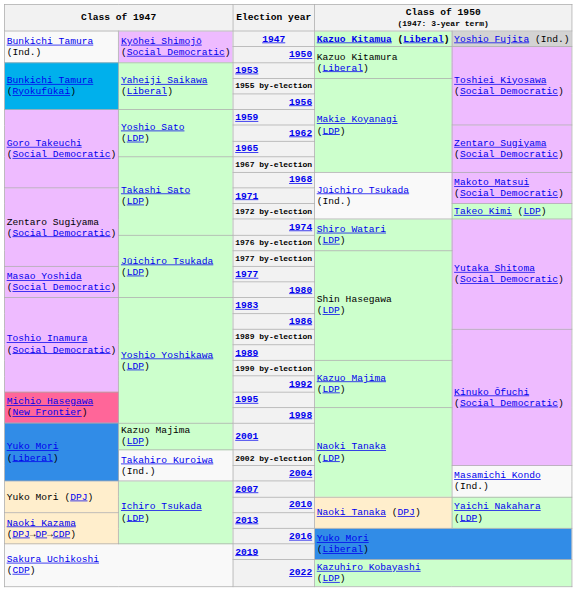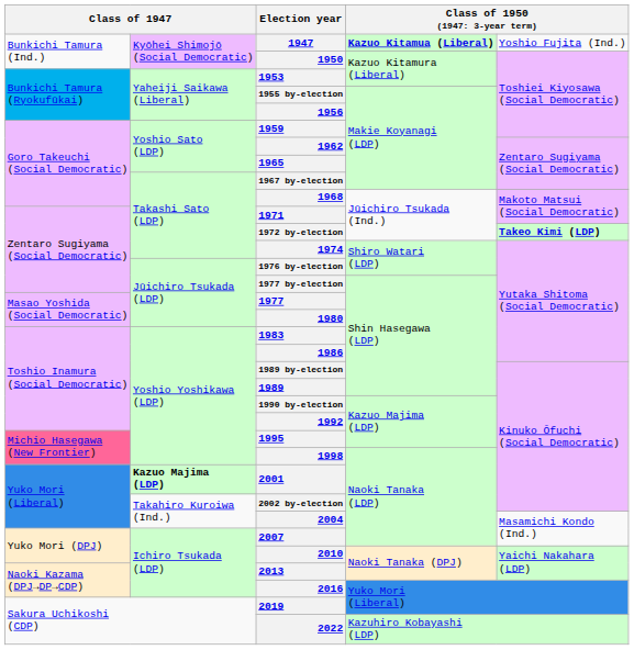 <table class="wikitable" border="1">
 <tr>
 <th colspan="2">Class of 1947</th>
 <th>Election year</th>
 <th colspan="2">Class of 1950<br><small>(1947: 3-year term)</small></th>
 </tr>
 <tr>
 <td rowspan="2"><a href='#'>Bunkichi Tamura</a><br>(Ind.)</td>
 <td rowspan="2" bgcolor="#EEBBFF"><a href='#'>Kyōhei Shimojō</a><br>(<a href='#'>Social Democratic</a>)</td>
 <th style="text-align: center"><a href='#'>1947</a></th>
 <td bgcolor="#CCFFCC"><strong><a href='#'>Kazuo Kitamua</a> (<a href='#'>Liberal</a>)</strong></td>
-<td style="background: lightgrey;"><a href='#'>Yoshio Fujita</a> (Ind.)</td>
+<td><a href='#'>Yoshio Fujita</a> (Ind.)</td>
 </tr>
 <tr>
 <th style="text-align: right"><a href='#'>1950</a></th>
 <td rowspan="2" bgcolor="#CCFFCC">Kazuo Kitamura<br>(<a href='#'>Liberal</a>)</td>
 <td rowspan="5" bgcolor="#EEBBFF"><a href='#'>Toshiei Kiyosawa</a><br>(<a href='#'>Social Democratic</a>)</td>
 </tr>
 <tr>
 <td rowspan="3" bgcolor="#00B0EC"><a href='#'>Bunkichi Tamura</a><br>(<a href='#'>Ryokufūkai</a>)</td>
 <td rowspan="3" bgcolor="#CCFFCC"><a href='#'>Yaheiji Saikawa</a><br>(<a href='#'>Liberal</a>)</td>
 <th style="text-align: left"><a href='#'>1953</a></th>
 </tr>
 <tr>
 <th style="text-align: right"><small>1955 by-election</small></th>
 <td rowspan="6" bgcolor="#CCFFCC"><a href='#'>Makie Koyanagi</a><br>(<a href='#'>LDP</a>)</td>
 </tr>
 <tr>
 <th style="text-align: right"><a href='#'>1956</a></th>
 </tr>
 <tr>
 <td rowspan="5" bgcolor="#EEBBFF"><a href='#'>Goro Takeuchi</a><br>(<a href='#'>Social Democratic</a>)</td>
 <td rowspan="3" bgcolor="#CCFFCC"><a href='#'>Yoshio Sato</a><br>(<a href='#'>LDP</a>)</td>
 <th style="text-align: left"><a href='#'>1959</a></th>
 </tr>
 <tr>
 <th style="text-align: right"><a href='#'>1962</a></th>
 <td rowspan="3" bgcolor="#EEBBFF"><a href='#'>Zentaro Sugiyama</a><br>(<a href='#'>Social Democratic</a>)</td>
 </tr>
 <tr>
 <th style="text-align: left"><a href='#'>1965</a></th>
 </tr>
 <tr>
 <td rowspan="5" bgcolor="#CCFFCC"><a href='#'>Takashi Sato</a><br>(<a href='#'>LDP</a>)</td>
 <th style="text-align: left"><small>1967 by-election</small></th>
 </tr>
 <tr>
 <th style="text-align: right"><a href='#'>1968</a></th>
 <td rowspan="3"><a href='#'>Jūichiro Tsukada</a><br>(Ind.)</td>
 <td rowspan="2" bgcolor="#EEBBFF"><a href='#'>Makoto Matsui</a><br>(<a href='#'>Social Democratic</a>)</td>
 </tr>
 <tr>
 <td rowspan="5" bgcolor="#EEBBFF">Zentaro Sugiyama<br>(<a href='#'>Social Democratic</a>)</td>
 <th style="text-align: left"><a href='#'>1971</a></th>
 </tr>
 <tr>
 <th style="text-align: right"><small>1972 by-election</small></th>
-<td bgcolor="#CCFFCC"><a href='#'>Takeo Kimi</a> (<a href='#'>LDP</a>)</td>
+<td bgcolor="#CCFFCC"><strong><a href='#'>Takeo Kimi</a> (<a href='#'>LDP</a>)</strong></td>
 </tr>
 <tr>
 <th style="text-align: right"><a href='#'>1974</a></th>
 <td rowspan="2" bgcolor="#CCFFCC"><a href='#'>Shiro Watari</a><br>(<a href='#'>LDP</a>)</td>
 <td rowspan="7" bgcolor="#EEBBFF"><a href='#'>Yutaka Shitoma</a><br>(<a href='#'>Social Democratic</a>)</td>
 </tr>
 <tr>
 <td rowspan="4" bgcolor="#CCFFCC"><a href='#'>Jūichiro Tsukada</a><br>(<a href='#'>LDP</a>)</td>
 <th style="text-align: left"><small>1976 by-election</small></th>
 </tr>
 <tr>
 <th style="text-align: right"><small>1977 by-election</small></th>
 <td rowspan="7" bgcolor="#CCFFCC">Shin Hasegawa<br>(<a href='#'>LDP</a>)</td>
 </tr>
 <tr>
 <td rowspan="2" bgcolor="#EEBBFF"><a href='#'>Masao Yoshida</a><br>(<a href='#'>Social Democratic</a>)</td>
 <th style="text-align: left"><a href='#'>1977</a></th>
 </tr>
 <tr>
 <th style="text-align: right"><a href='#'>1980</a></th>
 </tr>
 <tr>
 <td rowspan="6" bgcolor="#EEBBFF"><a href='#'>Toshio Inamura</a><br>(<a href='#'>Social Democratic</a>)</td>
 <td rowspan="8" bgcolor="#CCFFCC"><a href='#'>Yoshio Yoshikawa</a><br>(<a href='#'>LDP</a>)</td>
 <th style="text-align: left"><a href='#'>1983</a></th>
 </tr>
 <tr>
 <th style="text-align: right"><a href='#'>1986</a></th>
 </tr>
 <tr>
 <th style="text-align: right"><small>1989 by-election</small></th>
 <td rowspan="8" bgcolor="#EEBBFF"><a href='#'>Kinuko Ōfuchi</a><br>(<a href='#'>Social Democratic</a>)</td>
 </tr>
 <tr>
 <th style="text-align: left"><a href='#'>1989</a></th>
 </tr>
 <tr>
 <th style="text-align: right"><small>1990 by-election</small></th>
 <td rowspan="3" bgcolor="#CCFFCC"><a href='#'>Kazuo Majima</a><br>(<a href='#'>LDP</a>)</td>
 </tr>
 <tr>
 <th style="text-align: right"><a href='#'>1992</a></th>
 </tr>
 <tr>
 <td rowspan="2" bgcolor="#FF6699"><a href='#'>Michio Hasegawa</a><br>(<a href='#'>New Frontier</a>)</td>
 <th style="text-align: left"><a href='#'>1995</a></th>
 </tr>
 <tr>
 <th style="text-align: right"><a href='#'>1998</a></th>
 <td rowspan="5" bgcolor="#CCFFCC"><a href='#'>Naoki Tanaka</a><br>(<a href='#'>LDP</a>)</td>
 </tr>
 <tr>
 <td rowspan="3" bgcolor="#318CE7"><a href='#'>Yuko Mori</a><br>(<a href='#'>Liberal</a>)</td>
-<td bgcolor="#CCFFCC">Kazuo Majima<br>(<a href='#'>LDP</a>)</td>
+<td bgcolor="#CCFFCC"><strong>Kazuo Majima<br>(<a href='#'>LDP</a>)</strong></td>
 <th style="text-align: left"><a href='#'>2001</a></th>
 </tr>
 <tr>
 <td rowspan="2"><a href='#'>Takahiro Kuroiwa</a><br>(Ind.)</td>
 <th style="text-align: left"><small>2002 by-election</small></th>
 </tr>
 <tr>
 <th style="text-align: right"><a href='#'>2004</a></th>
 <td rowspan="2"><a href='#'>Masamichi Kondo</a><br>(Ind.)</td>
 </tr>
 <tr>
 <td rowspan="2" bgcolor="#FFEECC">Yuko Mori (<a href='#'>DPJ</a>)</td>
 <td rowspan="4" bgcolor="#CCFFCC"><a href='#'>Ichiro Tsukada</a><br>(<a href='#'>LDP</a>)</td>
 <th style="text-align: left"><a href='#'>2007</a></th>
 </tr>
 <tr>
 <th style="text-align: right"><a href='#'>2010</a></th>
 <td rowspan="2" bgcolor="#FFEECC"><a href='#'>Naoki Tanaka</a> (<a href='#'>DPJ</a>)</td>
 <td rowspan="2" bgcolor="#CCFFCC"><a href='#'>Yaichi Nakahara</a><br>(<a href='#'>LDP</a>)</td>
 </tr>
 <tr>
 <td rowspan="2" bgcolor="#FFEECC"><a href='#'>Naoki Kazama</a><br>(<a href='#'>DPJ</a>→<a href='#'>DP</a>→<a href='#'>CDP</a>)</td>
 <th style="text-align: left"><a href='#'>2013</a></th>
 </tr>
 <tr>
 <th style="text-align: right"><a href='#'>2016</a></th>
 <td rowspan="2"  colspan="2" bgcolor="#318CE7"><a href='#'>Yuko Mori</a><br>(<a href='#'>Liberal</a>)</td>
 </tr>
 <tr>
 <td style="text-align: left" rowspan="2" colspan="2" bgcolor=><a href='#'>Sakura Uchikoshi</a><br>(<a href='#'>CDP</a>)</td>
 <th style="text-align: left"><a href='#'>2019</a></th>
 </tr>
 <tr>
 <th style="text-align: right"><a href='#'>2022</a></th>
 <td colspan="2" bgcolor="#CCFFCC"><a href='#'>Kazuhiro Kobayashi</a><br>(<a href='#'>LDP</a>)</td>
 </tr>
 </table>
